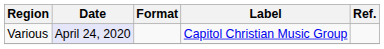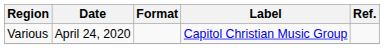 <table class="wikitable plainrowheaders">
 <tr>
 <th scope="col">Region</th>
 <th scope="col">Date</th>
 <th scope="col">Format</th>
 <th scope="col">Label</th>
 <th scope="col">Ref.</th>
 </tr>
 <tr>
 <td>Various</td>
-<td style="background: lavender;">April 24, 2020</td>
+<td>April 24, 2020</td>
 <td></td>
 <td><a href='#'>Capitol Christian Music Group</a></td>
 <td></td>
 </tr>
 <tr>
 </tr>
 </table>
